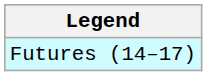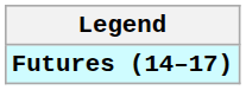 <table class="wikitable" style=font-size:97%>
 <tr>
 <th>Legend</th>
 </tr>
 <tr bgcolor=CFFCFF>
-<td>Futures (14–17)</td>
+<td><strong>Futures (14–17)</strong></td>
 </tr>
 </table>
